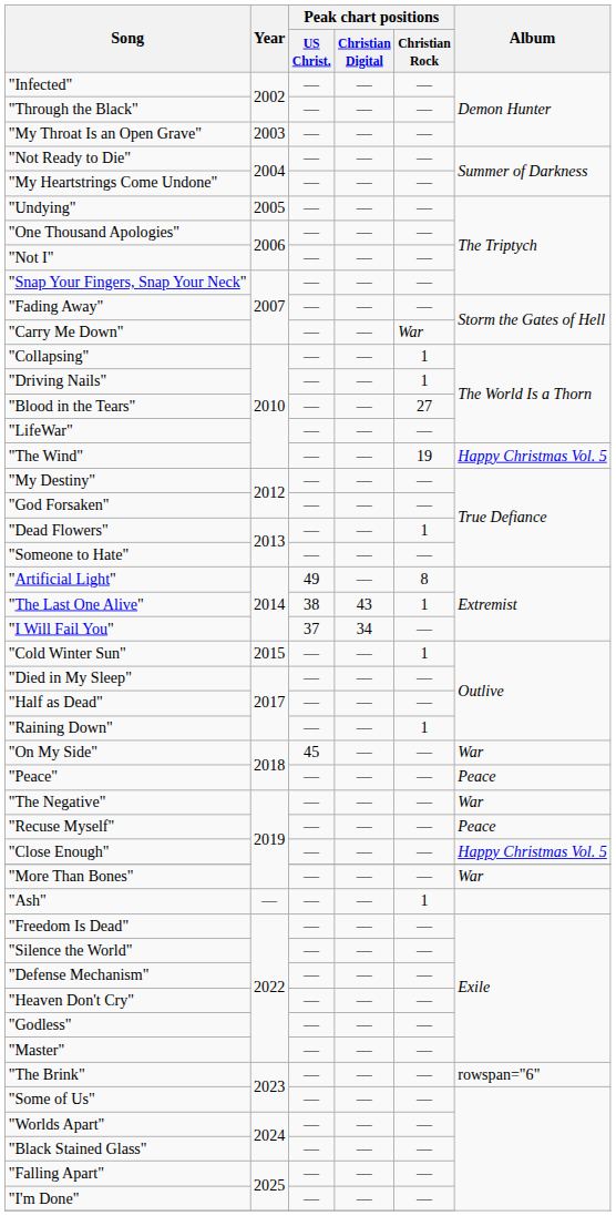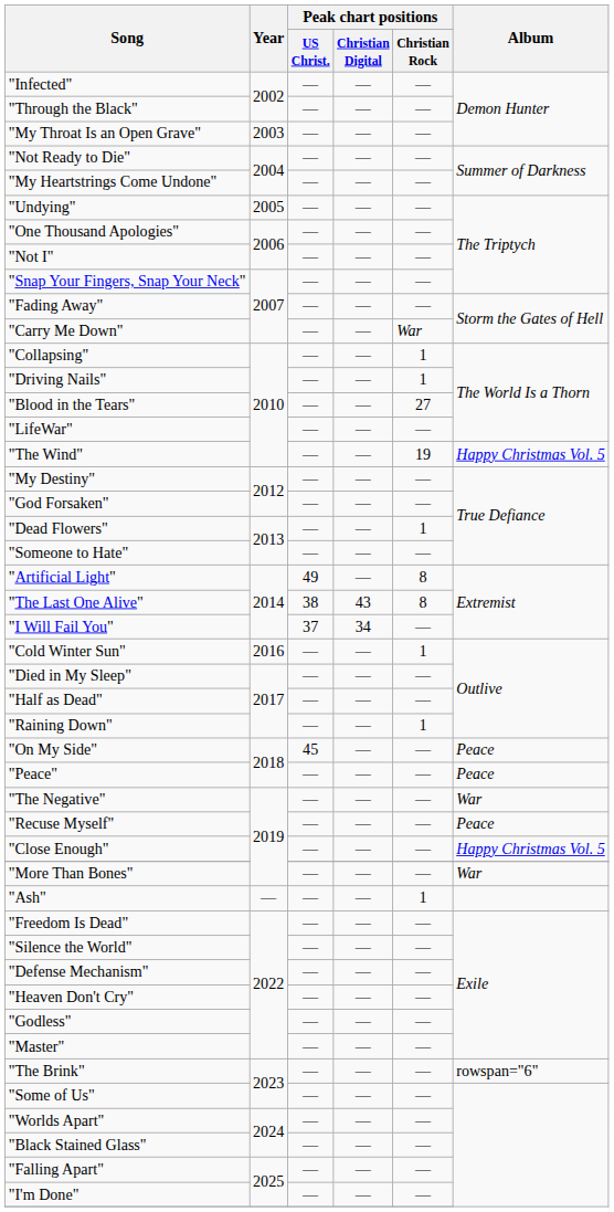 <table class=wikitable>
 <tr>
 <th rowspan="2">Song</th>
 <th rowspan="2">Year</th>
 <th colspan="3">Peak chart positions</th>
 <th rowspan="2">Album</th>
 </tr>
 <tr>
 <th width="30"><small><a href='#'>US<br>Christ.</a><br></small></th>
 <th width="30"><small><a href='#'>Christian Digital</a><br></small></th>
 <th width="30"><small>Christian<br>Rock<br></small></th>
 </tr>
 <tr>
 <td>"Infected"</td>
 <td rowspan="2">2002</td>
 <td style="text-align:center;">—</td>
 <td style="text-align:center;">—</td>
 <td style="text-align:center;">—</td>
 <td rowspan="3"><em>Demon Hunter</em></td>
 </tr>
 <tr>
 <td>"Through the Black"</td>
 <td style="text-align:center;">—</td>
 <td style="text-align:center;">—</td>
 <td style="text-align:center;">—</td>
 </tr>
 <tr>
 <td>"My Throat Is an Open Grave"</td>
 <td>2003</td>
 <td style="text-align:center;">—</td>
 <td style="text-align:center;">—</td>
 <td style="text-align:center;">—</td>
 </tr>
 <tr>
 <td>"Not Ready to Die"</td>
 <td rowspan="2">2004</td>
 <td style="text-align:center;">—</td>
 <td style="text-align:center;">—</td>
 <td style="text-align:center;">—</td>
 <td rowspan="2"><em>Summer of Darkness</em></td>
 </tr>
 <tr>
 <td>"My Heartstrings Come Undone"</td>
 <td style="text-align:center;">—</td>
 <td style="text-align:center;">—</td>
 <td style="text-align:center;">—</td>
 </tr>
 <tr>
 <td>"Undying"</td>
 <td>2005</td>
 <td style="text-align:center;">—</td>
 <td style="text-align:center;">—</td>
 <td style="text-align:center;">—</td>
 <td rowspan="4"><em>The Triptych</em></td>
 </tr>
 <tr>
 <td>"One Thousand Apologies"</td>
 <td rowspan="2">2006</td>
 <td style="text-align:center;">—</td>
 <td style="text-align:center;">—</td>
 <td style="text-align:center;">—</td>
 </tr>
 <tr>
 <td>"Not I"</td>
 <td style="text-align:center;">—</td>
 <td style="text-align:center;">—</td>
 <td style="text-align:center;">—</td>
 </tr>
 <tr>
 <td>"<a href='#'>Snap Your Fingers, Snap Your Neck</a>"</td>
 <td rowspan="3">2007</td>
 <td style="text-align:center;">—</td>
 <td style="text-align:center;">—</td>
 <td style="text-align:center;">—</td>
 </tr>
 <tr>
 <td>"Fading Away"</td>
 <td style="text-align:center;">—</td>
 <td style="text-align:center;">—</td>
 <td style="text-align:center;">—</td>
 <td rowspan="2"><em>Storm the Gates of Hell</em></td>
 </tr>
 <tr>
 <td>"Carry Me Down"</td>
 <td style="text-align:center;">—</td>
 <td style="text-align:center;">—</td>
 <td><em>War</em></td>
 </tr>
 <tr>
 <td>"Collapsing"<br></td>
 <td rowspan="5">2010</td>
 <td style="text-align:center;">—</td>
 <td style="text-align:center;">—</td>
 <td style="text-align:center;">1</td>
 <td rowspan="4"><em>The World Is a Thorn</em></td>
 </tr>
 <tr>
 <td>"Driving Nails"</td>
 <td style="text-align:center;">—</td>
 <td style="text-align:center;">—</td>
 <td style="text-align:center;">1</td>
 </tr>
 <tr>
 <td>"Blood in the Tears"</td>
 <td style="text-align:center;">—</td>
 <td style="text-align:center;">—</td>
 <td style="text-align:center;">27</td>
 </tr>
 <tr>
 <td>"LifeWar"</td>
 <td style="text-align:center;">—</td>
 <td style="text-align:center;">—</td>
 <td style="text-align:center;">—</td>
 </tr>
 <tr>
 <td>"The Wind"</td>
 <td style="text-align:center;">—</td>
 <td style="text-align:center;">—</td>
 <td style="text-align:center;">19</td>
 <td><em><a href='#'>Happy Christmas Vol. 5</a></em></td>
 </tr>
 <tr>
 <td>"My Destiny"</td>
 <td rowspan="2">2012</td>
 <td style="text-align:center;">—</td>
 <td style="text-align:center;">—</td>
 <td style="text-align:center;">—</td>
 <td rowspan="4"><em>True Defiance</em></td>
 </tr>
 <tr>
 <td>"God Forsaken"</td>
 <td style="text-align:center;">—</td>
 <td style="text-align:center;">—</td>
 <td style="text-align:center;">—</td>
 </tr>
 <tr>
 <td>"Dead Flowers"</td>
 <td rowspan="2">2013</td>
 <td style="text-align:center;">—</td>
 <td style="text-align:center;">—</td>
 <td style="text-align:center;">1</td>
 </tr>
 <tr>
 <td>"Someone to Hate"</td>
 <td style="text-align:center;">—</td>
 <td style="text-align:center;">—</td>
 <td style="text-align:center;">—</td>
 </tr>
 <tr>
 <td>"<a href='#'>Artificial Light</a>"</td>
 <td rowspan="3">2014</td>
 <td style="text-align:center;">49</td>
 <td style="text-align:center;">—</td>
 <td style="text-align:center;">8</td>
 <td rowspan="3"><em>Extremist</em></td>
 </tr>
 <tr>
 <td>"<a href='#'>The Last One Alive</a>"</td>
 <td style="text-align:center;">38</td>
 <td style="text-align:center;">43</td>
-<td style="text-align:center;">1</td>
+<td style="text-align:center;">8</td>
 </tr>
 <tr>
 <td>"<a href='#'>I Will Fail You</a>"</td>
 <td style="text-align:center;">37</td>
 <td style="text-align:center;">34</td>
 <td style="text-align:center;">—</td>
 </tr>
 <tr>
 <td>"Cold Winter Sun"</td>
-<td>2015</td>
+<td>2016</td>
 <td style="text-align:center;">—</td>
 <td style="text-align:center;">—</td>
 <td style="text-align:center;">1</td>
 <td rowspan="4"><em>Outlive</em></td>
 </tr>
 <tr>
 <td>"Died in My Sleep"</td>
 <td rowspan="3">2017</td>
 <td style="text-align:center;">—</td>
 <td style="text-align:center;">—</td>
 <td style="text-align:center;">—</td>
 </tr>
 <tr>
 <td>"Half as Dead"</td>
 <td style="text-align:center;">—</td>
 <td style="text-align:center;">—</td>
 <td style="text-align:center;">—</td>
 </tr>
 <tr>
 <td>"Raining Down"</td>
 <td style="text-align:center;">—</td>
 <td style="text-align:center;">—</td>
 <td style="text-align:center;">1</td>
 </tr>
 <tr>
 <td>"On My Side"</td>
 <td rowspan="2">2018</td>
 <td style="text-align:center;">45<br></td>
 <td style="text-align:center;">—</td>
 <td style="text-align:center;">—</td>
-<td><em>War</em></td>
+<td><em>Peace</em></td>
 </tr>
 <tr>
 <td>"Peace"</td>
 <td style="text-align:center;">—</td>
 <td style="text-align:center;">—</td>
 <td style="text-align:center;">—</td>
 <td><em>Peace</em></td>
 </tr>
 <tr>
 <td>"The Negative"</td>
 <td rowspan="5">2019</td>
 <td style="text-align:center;">—</td>
 <td style="text-align:center;">—</td>
 <td style="text-align:center;">—</td>
 <td><em>War</em></td>
 </tr>
 <tr>
 <td>"Recuse Myself"</td>
 <td style="text-align:center;">—</td>
 <td style="text-align:center;">—</td>
 <td style="text-align:center;">—</td>
 <td><em>Peace</em></td>
 </tr>
 <tr>
 <td>"Close Enough"</td>
 <td style="text-align:center;">—</td>
 <td style="text-align:center;">—</td>
 <td style="text-align:center;">—</td>
 <td><em><a href='#'>Happy Christmas Vol. 5</a></em></td>
 </tr>
 <tr>
 </tr>
 <tr>
 <td>"More Than Bones"</td>
 <td style="text-align:center;">—</td>
 <td style="text-align:center;">—</td>
 <td style="text-align:center;">—</td>
 <td><em>War</em></td>
 </tr>
 <tr>
 <td>"Ash"</td>
 <td style="text-align:center;">—</td>
 <td style="text-align:center;">—</td>
 <td style="text-align:center;">—</td>
 <td style="text-align:center;">1</td>
 </tr>
 <tr>
 <td>"Freedom Is Dead"</td>
 <td rowspan="6">2022</td>
 <td style="text-align:center;">—</td>
 <td style="text-align:center;">—</td>
 <td style="text-align:center;">—</td>
 <td rowspan="6"><em>Exile</em></td>
 </tr>
 <tr>
 <td>"Silence the World"<br></td>
 <td style="text-align:center;">—</td>
 <td style="text-align:center;">—</td>
 <td style="text-align:center;">—</td>
 </tr>
 <tr>
 <td>"Defense Mechanism"<br></td>
 <td style="text-align:center;">—</td>
 <td style="text-align:center;">—</td>
 <td style="text-align:center;">—</td>
 </tr>
 <tr>
 <td>"Heaven Don't Cry"</td>
 <td style="text-align:center;">—</td>
 <td style="text-align:center;">—</td>
 <td style="text-align:center;">—</td>
 </tr>
 <tr>
 <td>"Godless"<br></td>
 <td style="text-align:center;">—</td>
 <td style="text-align:center;">—</td>
 <td style="text-align:center;">—</td>
 </tr>
 <tr>
 <td>"Master"</td>
 <td style="text-align:center;">—</td>
 <td style="text-align:center;">—</td>
 <td style="text-align:center;">—</td>
 </tr>
 <tr>
 <td>"The Brink"</td>
 <td rowspan="2">2023</td>
 <td style="text-align:center;">—</td>
 <td style="text-align:center;">—</td>
 <td style="text-align:center;">—</td>
 <td>rowspan="6" </td>
 </tr>
 <tr>
 <td>"Some of Us"</td>
 <td style="text-align:center;">—</td>
 <td style="text-align:center;">—</td>
 <td style="text-align:center;">—</td>
 </tr>
 <tr>
 <td>"Worlds Apart"</td>
 <td rowspan="2">2024</td>
 <td style="text-align:center;">—</td>
 <td style="text-align:center;">—</td>
 <td style="text-align:center;">—</td>
 </tr>
 <tr>
 <td>"Black Stained Glass"</td>
 <td style="text-align:center;">—</td>
 <td style="text-align:center;">—</td>
 <td style="text-align:center;">—</td>
 </tr>
 <tr>
 <td>"Falling Apart"<br></td>
 <td rowspan="2">2025</td>
 <td style="text-align:center;">—</td>
 <td style="text-align:center;">—</td>
 <td style="text-align:center;">—</td>
 </tr>
 <tr>
 <td>"I'm Done"</td>
 <td style="text-align:center;">—</td>
 <td style="text-align:center;">—</td>
 <td style="text-align:center;">—</td>
 </tr>
 <tr>
 </tr>
 </table>
